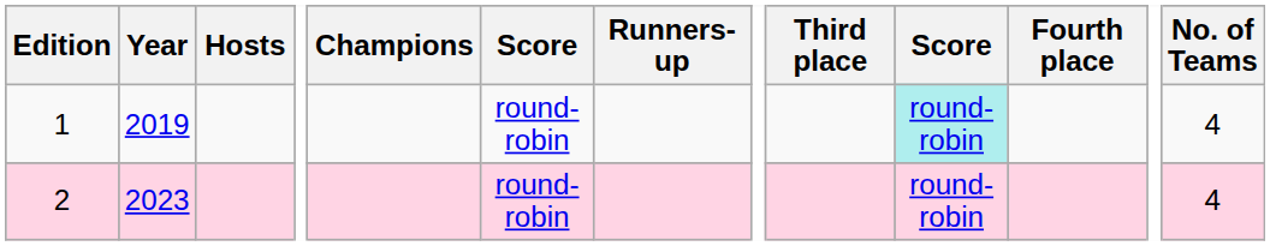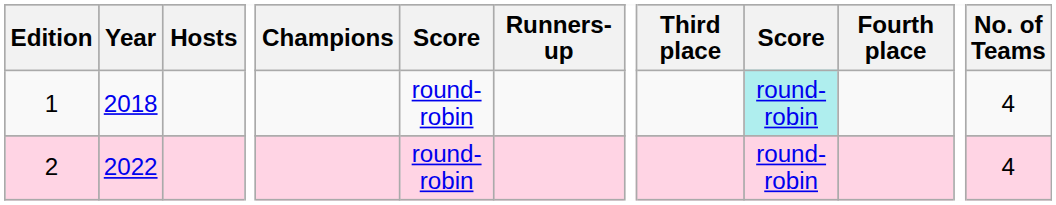 <table class="wikitable" style="text-align:center;width:100%; font-size:90%;">
 <tr>
 <th width=2%>Edition</th>
 <th width=5%>Year</th>
 <th width=8%>Hosts</th>
 <td rowspan="8" style="width:1%;background:#fff;border-top-style:hidden;border-bottom-style:hidden;"></td>
 <th style="width:14%;">Champions</th>
 <th width=10%>Score</th>
 <th style="width:14%;">Runners-up</th>
 <td rowspan="8" style="width:1%;background:#fff;border-top-style:hidden;border-bottom-style:hidden;"></td>
 <th style="width:14%;">Third place</th>
 <th width=10%>Score</th>
 <th style="width:14%;">Fourth place</th>
 <td rowspan="8" style="width:1%;background:#fff;border-top-style:hidden;border-bottom-style:hidden;"></td>
 <th width=4%>No. of Teams</th>
 </tr>
 <tr>
 <td>1</td>
-<td><a href='#'>2019</a></td>
+<td><a href='#'>2018</a></td>
 <td align=left></td>
 <td><strong></strong></td>
 <td><a href='#'>round-robin</a></td>
 <td></td>
 <td></td>
 <td style="background: paleturquoise;"><a href='#'>round-robin</a></td>
 <td></td>
 <td>4</td>
 </tr>
 <tr style="background:#FFD4E4">
 <td>2</td>
-<td><a href='#'>2023</a></td>
+<td><a href='#'>2022</a></td>
 <td align=left></td>
 <td><strong></strong></td>
 <td><a href='#'>round-robin</a></td>
 <td></td>
 <td></td>
 <td><a href='#'>round-robin</a></td>
 <td></td>
 <td>4</td>
 </tr>
 </table>
